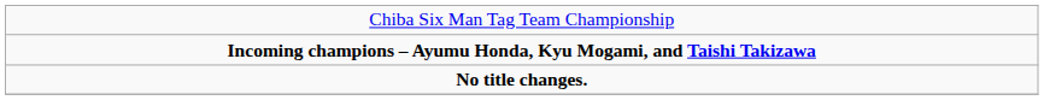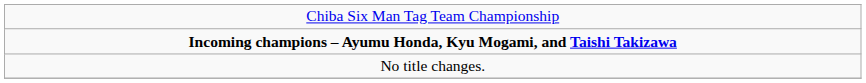 <table class="wikitable" style="text-align:center; width:100%;">
 <tr>
 <td colspan="4" style="text-align: center;"><a href='#'>Chiba Six Man Tag Team Championship</a></td>
 </tr>
 <tr>
 <td colspan="4" style="text-align: center;"><strong>Incoming champions – Ayumu Honda, Kyu Mogami, and <a href='#'>Taishi Takizawa</a></strong></td>
 </tr>
 <tr>
-<td><strong>No title changes.</strong></td>
+<td>No title changes.</td>
 </tr>
 <tr>
 </tr>
 </table>
